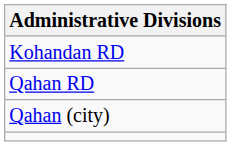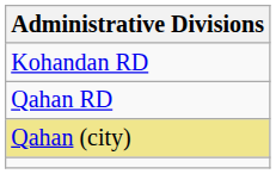 <table class="wikitable">
 <tr>
 <th>Administrative Divisions</th>
 </tr>
 <tr>
 <td><a href='#'>Kohandan RD</a></td>
 </tr>
 <tr>
 <td><a href='#'>Qahan RD</a></td>
 </tr>
 <tr>
-<td><a href='#'>Qahan</a> (city)</td>
+<td style="background: khaki;"><a href='#'>Qahan</a> (city)</td>
 </tr>
 <tr>
 <td colspan=1></td>
 </tr>
 </table>
